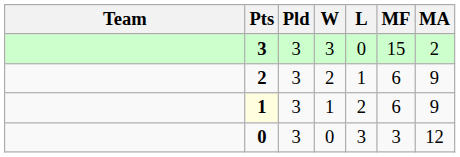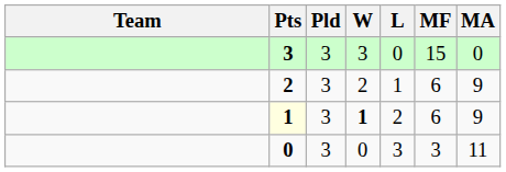 <table class=wikitable style="text-align:center">
 <tr>
 <th width=200>Team</th>
 <th width=20>Pts</th>
 <th width=20>Pld</th>
 <th width=20>W</th>
 <th width=20>L</th>
 <th width=20>MF</th>
 <th width=20>MA</th>
 </tr>
 <tr bgcolor=ccffcc>
 <td style="text-align:left"><strong></strong></td>
 <td><strong>3</strong></td>
 <td>3</td>
 <td>3</td>
 <td>0</td>
 <td>15</td>
-<td>2</td>
+<td>0</td>
 </tr>
 <tr>
 <td style="text-align:left"></td>
 <td><strong>2</strong></td>
 <td>3</td>
 <td>2</td>
 <td>1</td>
 <td>6</td>
 <td>9</td>
 </tr>
 <tr>
 <td style="text-align:left"></td>
 <td style="background: lightyellow;"><strong>1</strong></td>
 <td>3</td>
-<td>1</td>
+<td><strong>1</strong></td>
 <td>2</td>
 <td>6</td>
 <td>9</td>
 </tr>
 <tr>
 <td style="text-align:left"></td>
 <td><strong>0</strong></td>
 <td>3</td>
 <td>0</td>
 <td>3</td>
 <td>3</td>
-<td>12</td>
+<td>11</td>
 </tr>
 </table>
